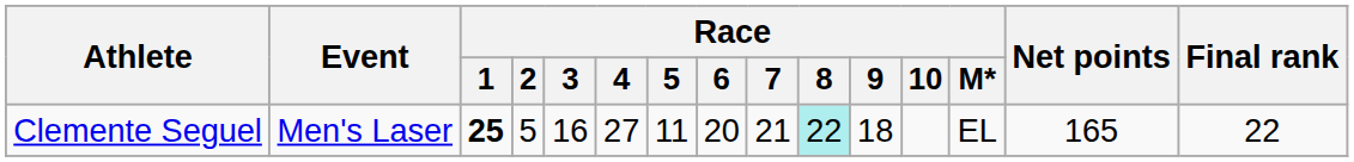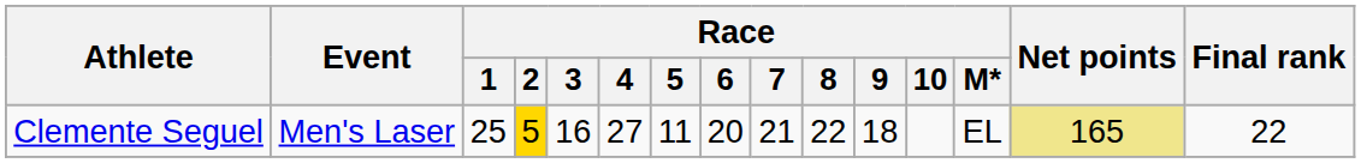 <table class="wikitable" style="font-size:90%">
 <tr>
 <th rowspan="2">Athlete</th>
 <th rowspan="2">Event</th>
 <th colspan=11>Race</th>
 <th rowspan=2>Net points</th>
 <th rowspan=2>Final rank</th>
 </tr>
 <tr style="font-size:95%">
 <th>1</th>
 <th>2</th>
 <th>3</th>
 <th>4</th>
 <th>5</th>
 <th>6</th>
 <th>7</th>
 <th>8</th>
 <th>9</th>
 <th>10</th>
 <th>M*</th>
 </tr>
 <tr align=center>
 <td align=left><a href='#'>Clemente Seguel</a></td>
 <td align=left><a href='#'>Men's Laser</a></td>
-<td><strong>25</strong></td>
-<td>5</td>
+<td>25</td>
+<td style="background: gold;">5</td>
 <td>16</td>
 <td>27</td>
 <td>11</td>
 <td>20</td>
 <td>21</td>
-<td style="background: paleturquoise;">22</td>
+<td>22</td>
 <td>18</td>
 <td></td>
 <td>EL</td>
-<td>165</td>
+<td style="background: khaki;">165</td>
 <td>22</td>
 </tr>
 </table>
